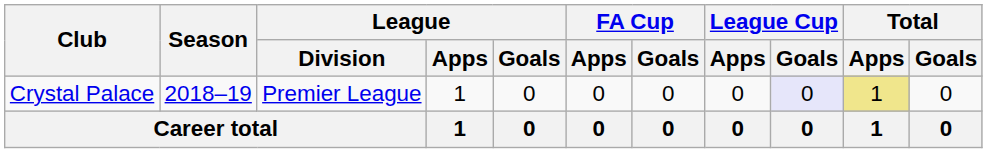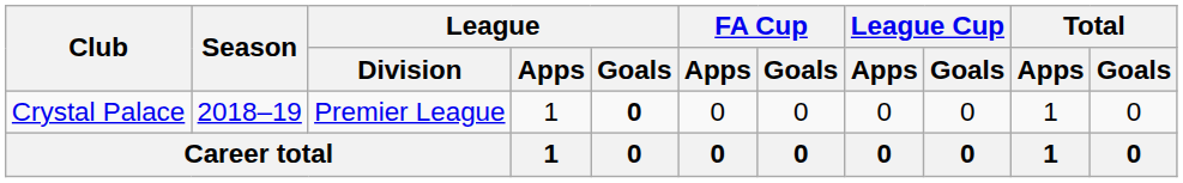 <table class="wikitable" style="text-align: center;">
 <tr>
 <th rowspan="2">Club</th>
 <th rowspan="2">Season</th>
 <th colspan="3">League</th>
 <th colspan="2"><a href='#'>FA Cup</a></th>
 <th colspan="2"><a href='#'>League Cup</a></th>
 <th colspan="2">Total</th>
 </tr>
 <tr>
 <th>Division</th>
 <th>Apps</th>
 <th>Goals</th>
 <th>Apps</th>
 <th>Goals</th>
 <th>Apps</th>
 <th>Goals</th>
 <th>Apps</th>
 <th>Goals</th>
 </tr>
 <tr>
 <td><a href='#'>Crystal Palace</a></td>
 <td><a href='#'>2018–19</a></td>
 <td><a href='#'>Premier League</a></td>
 <td>1</td>
+<td><strong>0</strong></td>
 <td>0</td>
 <td>0</td>
 <td>0</td>
 <td>0</td>
-<td style="background: lavender;">0</td>
-<td style="background: khaki;">1</td>
+<td>1</td>
 <td>0</td>
 </tr>
 <tr>
 <th colspan=3>Career total</th>
 <th>1</th>
 <th>0</th>
 <th>0</th>
 <th>0</th>
 <th>0</th>
 <th>0</th>
 <th>1</th>
 <th>0</th>
 </tr>
 </table>
